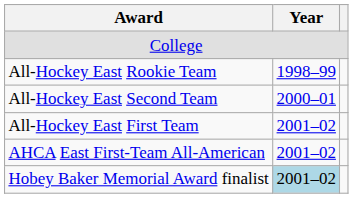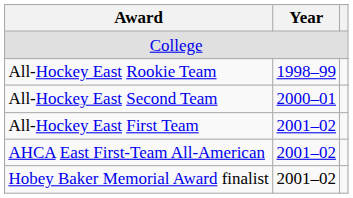 <table class="wikitable">
 <tr>
 <th>Award</th>
 <th>Year</th>
 <th></th>
 </tr>
 <tr ALIGN="center" bgcolor="#e0e0e0">
 <td colspan="3"><a href='#'>College</a></td>
 </tr>
 <tr>
 <td>All-<a href='#'>Hockey East</a> <a href='#'>Rookie Team</a></td>
 <td><a href='#'>1998–99</a></td>
 <td></td>
 </tr>
 <tr>
 <td>All-<a href='#'>Hockey East</a> <a href='#'>Second Team</a></td>
 <td><a href='#'>2000–01</a></td>
 <td></td>
 </tr>
 <tr>
 <td>All-<a href='#'>Hockey East</a> <a href='#'>First Team</a></td>
 <td><a href='#'>2001–02</a></td>
 <td></td>
 </tr>
 <tr>
 <td><a href='#'>AHCA</a> <a href='#'>East First-Team All-American</a></td>
 <td><a href='#'>2001–02</a></td>
 <td></td>
 </tr>
 <tr>
 <td><a href='#'>Hobey Baker Memorial Award</a> finalist</td>
-<td style="background: lightblue;">2001–02</td>
+<td>2001–02</td>
 <td></td>
 </tr>
 </table>
